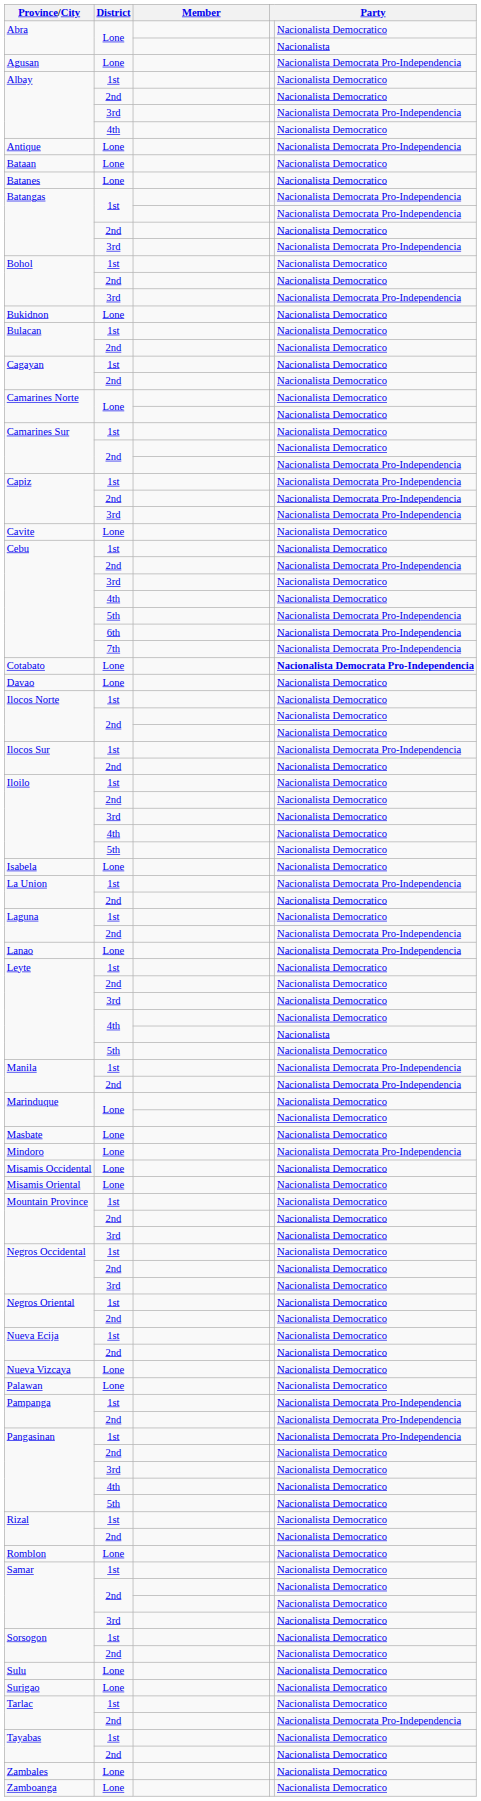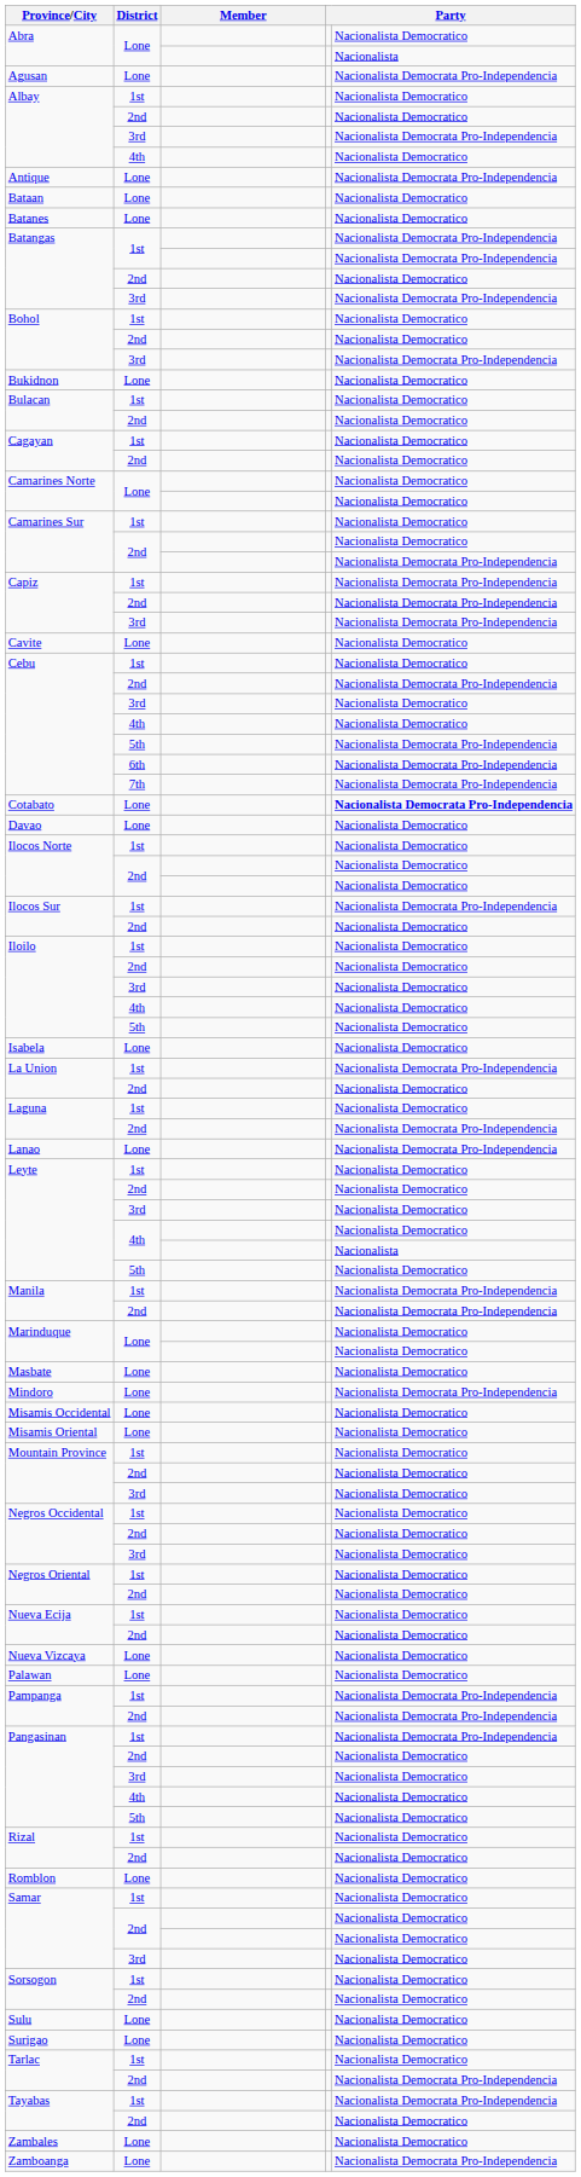 <table class="wikitable sortable">
 <tr>
 <th><a href='#'>Province</a>/<a href='#'>City</a></th>
 <th><a href='#'>District</a></th>
 <th width="200px"><a href='#'>Member</a></th>
 <th colspan="2"><a href='#'>Party</a></th>
 </tr>
 <tr>
 <td rowspan="2" valign="top"><a href='#'>Abra</a></td>
 <td rowspan="2" align="center"><a href='#'>Lone</a></td>
 <td></td>
 <td></td>
 <td><a href='#'>Nacionalista Democratico</a></td>
 </tr>
 <tr>
 <td></td>
 <td></td>
 <td><a href='#'>Nacionalista</a></td>
 </tr>
 <tr>
 <td valign="top"><a href='#'>Agusan</a></td>
 <td align="center"><a href='#'>Lone</a></td>
 <td></td>
 <td></td>
 <td><a href='#'>Nacionalista Democrata Pro-Independencia</a></td>
 </tr>
 <tr>
 <td rowspan="4" valign="top"><a href='#'>Albay</a></td>
 <td align="center"><a href='#'>1st</a></td>
 <td></td>
 <td></td>
 <td><a href='#'>Nacionalista Democratico</a></td>
 </tr>
 <tr>
 <td align="center"><a href='#'>2nd</a></td>
 <td></td>
 <td></td>
 <td><a href='#'>Nacionalista Democratico</a></td>
 </tr>
 <tr>
 <td align="center"><a href='#'>3rd</a></td>
 <td></td>
 <td></td>
 <td><a href='#'>Nacionalista Democrata Pro-Independencia</a></td>
 </tr>
 <tr>
 <td align="center"><a href='#'>4th</a></td>
 <td></td>
 <td></td>
 <td><a href='#'>Nacionalista Democratico</a></td>
 </tr>
 <tr>
 <td><a href='#'>Antique</a></td>
 <td align="center"><a href='#'>Lone</a></td>
 <td></td>
 <td></td>
 <td><a href='#'>Nacionalista Democrata Pro-Independencia</a></td>
 </tr>
 <tr>
 <td valign="top"><a href='#'>Bataan</a></td>
 <td align="center"><a href='#'>Lone</a></td>
 <td></td>
 <td></td>
 <td><a href='#'>Nacionalista Democratico</a></td>
 </tr>
 <tr>
 <td valign="top"><a href='#'>Batanes</a></td>
 <td align="center"><a href='#'>Lone</a></td>
 <td></td>
 <td></td>
 <td><a href='#'>Nacionalista Democratico</a></td>
 </tr>
 <tr>
 <td rowspan="4" valign="top"><a href='#'>Batangas</a></td>
 <td rowspan="2" align="center"><a href='#'>1st</a></td>
 <td></td>
 <td></td>
 <td><a href='#'>Nacionalista Democrata Pro-Independencia</a></td>
 </tr>
 <tr>
 <td></td>
 <td></td>
 <td><a href='#'>Nacionalista Democrata Pro-Independencia</a></td>
 </tr>
 <tr>
 <td align="center"><a href='#'>2nd</a></td>
 <td></td>
 <td></td>
 <td><a href='#'>Nacionalista Democratico</a></td>
 </tr>
 <tr>
 <td align="center"><a href='#'>3rd</a></td>
 <td></td>
 <td></td>
 <td><a href='#'>Nacionalista Democrata Pro-Independencia</a></td>
 </tr>
 <tr>
 <td rowspan="3" valign="top"><a href='#'>Bohol</a></td>
 <td align="center"><a href='#'>1st</a></td>
 <td></td>
 <td></td>
 <td><a href='#'>Nacionalista Democratico</a></td>
 </tr>
 <tr>
 <td align="center"><a href='#'>2nd</a></td>
 <td></td>
 <td></td>
 <td><a href='#'>Nacionalista Democratico</a></td>
 </tr>
 <tr>
 <td align="center"><a href='#'>3rd</a></td>
 <td></td>
 <td></td>
 <td><a href='#'>Nacionalista Democrata Pro-Independencia</a></td>
 </tr>
 <tr>
 <td valign="top"><a href='#'>Bukidnon</a></td>
 <td align="center"><a href='#'>Lone</a></td>
 <td></td>
 <td></td>
 <td><a href='#'>Nacionalista Democratico</a></td>
 </tr>
 <tr>
 <td rowspan="2" valign="top"><a href='#'>Bulacan</a></td>
 <td align="center"><a href='#'>1st</a></td>
 <td></td>
 <td></td>
 <td><a href='#'>Nacionalista Democratico</a></td>
 </tr>
 <tr>
 <td align="center"><a href='#'>2nd</a></td>
 <td></td>
 <td></td>
 <td><a href='#'>Nacionalista Democratico</a></td>
 </tr>
 <tr>
 <td rowspan="2" valign="top"><a href='#'>Cagayan</a></td>
 <td align="center"><a href='#'>1st</a></td>
 <td></td>
 <td></td>
 <td><a href='#'>Nacionalista Democratico</a></td>
 </tr>
 <tr>
 <td align="center"><a href='#'>2nd</a></td>
 <td></td>
 <td></td>
 <td><a href='#'>Nacionalista Democratico</a></td>
 </tr>
 <tr>
 <td rowspan="2" valign="top"><a href='#'>Camarines Norte</a></td>
 <td rowspan="2" align="center"><a href='#'>Lone</a></td>
 <td></td>
 <td></td>
 <td><a href='#'>Nacionalista Democratico</a></td>
 </tr>
 <tr>
 <td></td>
 <td></td>
 <td><a href='#'>Nacionalista Democratico</a></td>
 </tr>
 <tr>
 <td rowspan="3" valign="top"><a href='#'>Camarines Sur</a></td>
 <td align="center"><a href='#'>1st</a></td>
 <td></td>
 <td></td>
 <td><a href='#'>Nacionalista Democratico</a></td>
 </tr>
 <tr>
 <td rowspan="2" align="center"><a href='#'>2nd</a></td>
 <td></td>
 <td></td>
 <td><a href='#'>Nacionalista Democratico</a></td>
 </tr>
 <tr>
 <td></td>
 <td></td>
 <td><a href='#'>Nacionalista Democrata Pro-Independencia</a></td>
 </tr>
 <tr>
 <td rowspan="3" valign="top"><a href='#'>Capiz</a></td>
 <td align="center"><a href='#'>1st</a></td>
 <td></td>
 <td></td>
 <td><a href='#'>Nacionalista Democrata Pro-Independencia</a></td>
 </tr>
 <tr>
 <td align="center"><a href='#'>2nd</a></td>
 <td></td>
 <td></td>
 <td><a href='#'>Nacionalista Democrata Pro-Independencia</a></td>
 </tr>
 <tr>
 <td align="center"><a href='#'>3rd</a></td>
 <td></td>
 <td></td>
 <td><a href='#'>Nacionalista Democrata Pro-Independencia</a></td>
 </tr>
 <tr>
 <td valign="top"><a href='#'>Cavite</a></td>
 <td align="center"><a href='#'>Lone</a></td>
 <td></td>
 <td></td>
 <td><a href='#'>Nacionalista Democratico</a></td>
 </tr>
 <tr>
 <td rowspan="7" valign="top"><a href='#'>Cebu</a></td>
 <td align="center"><a href='#'>1st</a></td>
 <td></td>
 <td></td>
 <td><a href='#'>Nacionalista Democratico</a></td>
 </tr>
 <tr>
 <td align="center"><a href='#'>2nd</a></td>
 <td></td>
 <td></td>
 <td><a href='#'>Nacionalista Democrata Pro-Independencia</a></td>
 </tr>
 <tr>
 <td align="center"><a href='#'>3rd</a></td>
 <td></td>
 <td></td>
 <td><a href='#'>Nacionalista Democratico</a></td>
 </tr>
 <tr>
 <td align="center"><a href='#'>4th</a></td>
 <td></td>
 <td></td>
 <td><a href='#'>Nacionalista Democratico</a></td>
 </tr>
 <tr>
 <td align="center"><a href='#'>5th</a></td>
 <td></td>
 <td></td>
 <td><a href='#'>Nacionalista Democrata Pro-Independencia</a></td>
 </tr>
 <tr>
 <td align="center"><a href='#'>6th</a></td>
 <td></td>
 <td></td>
 <td><a href='#'>Nacionalista Democrata Pro-Independencia</a></td>
 </tr>
 <tr>
 <td align="center"><a href='#'>7th</a></td>
 <td></td>
 <td></td>
 <td><a href='#'>Nacionalista Democrata Pro-Independencia</a></td>
 </tr>
 <tr>
 <td valign="top"><a href='#'>Cotabato</a></td>
 <td align="center"><a href='#'>Lone</a></td>
 <td></td>
 <td></td>
 <td><strong><a href='#'>Nacionalista Democrata Pro-Independencia</a></strong></td>
 </tr>
 <tr>
 <td valign="top"><a href='#'>Davao</a></td>
 <td align="center"><a href='#'>Lone</a></td>
 <td></td>
 <td></td>
 <td><a href='#'>Nacionalista Democratico</a></td>
 </tr>
 <tr>
 <td rowspan="3" valign="top"><a href='#'>Ilocos Norte</a></td>
 <td align="center"><a href='#'>1st</a></td>
 <td></td>
 <td></td>
 <td><a href='#'>Nacionalista Democratico</a></td>
 </tr>
 <tr>
 <td rowspan="2" align="center"><a href='#'>2nd</a></td>
 <td></td>
 <td></td>
 <td><a href='#'>Nacionalista Democratico</a></td>
 </tr>
 <tr>
 <td></td>
 <td></td>
 <td><a href='#'>Nacionalista Democratico</a></td>
 </tr>
 <tr>
 <td rowspan="2" valign="top"><a href='#'>Ilocos Sur</a></td>
 <td align="center"><a href='#'>1st</a></td>
 <td></td>
 <td></td>
 <td><a href='#'>Nacionalista Democrata Pro-Independencia</a></td>
 </tr>
 <tr>
 <td align="center"><a href='#'>2nd</a></td>
 <td></td>
 <td></td>
 <td><a href='#'>Nacionalista Democratico</a></td>
 </tr>
 <tr>
 <td rowspan="5" valign="top"><a href='#'>Iloilo</a></td>
 <td align="center"><a href='#'>1st</a></td>
 <td></td>
 <td></td>
 <td><a href='#'>Nacionalista Democratico</a></td>
 </tr>
 <tr>
 <td align="center"><a href='#'>2nd</a></td>
 <td></td>
 <td></td>
 <td><a href='#'>Nacionalista Democratico</a></td>
 </tr>
 <tr>
 <td align="center"><a href='#'>3rd</a></td>
 <td></td>
 <td></td>
 <td><a href='#'>Nacionalista Democratico</a></td>
 </tr>
 <tr>
 <td align="center"><a href='#'>4th</a></td>
 <td></td>
 <td></td>
 <td><a href='#'>Nacionalista Democratico</a></td>
 </tr>
 <tr>
 <td align="center"><a href='#'>5th</a></td>
 <td></td>
 <td></td>
 <td><a href='#'>Nacionalista Democratico</a></td>
 </tr>
 <tr>
 <td valign="top"><a href='#'>Isabela</a></td>
 <td align="center"><a href='#'>Lone</a></td>
 <td></td>
 <td></td>
 <td><a href='#'>Nacionalista Democratico</a></td>
 </tr>
 <tr>
 <td rowspan="2" valign="top"><a href='#'>La Union</a></td>
 <td align="center"><a href='#'>1st</a></td>
 <td></td>
 <td></td>
 <td><a href='#'>Nacionalista Democrata Pro-Independencia</a></td>
 </tr>
 <tr>
 <td align="center"><a href='#'>2nd</a></td>
 <td></td>
 <td></td>
 <td><a href='#'>Nacionalista Democratico</a></td>
 </tr>
 <tr>
 <td rowspan="2" valign="top"><a href='#'>Laguna</a></td>
 <td align="center"><a href='#'>1st</a></td>
 <td></td>
 <td></td>
 <td><a href='#'>Nacionalista Democratico</a></td>
 </tr>
 <tr>
 <td align="center"><a href='#'>2nd</a></td>
 <td></td>
 <td></td>
 <td><a href='#'>Nacionalista Democrata Pro-Independencia</a></td>
 </tr>
 <tr>
 <td valign="top"><a href='#'>Lanao</a></td>
 <td align="center"><a href='#'>Lone</a></td>
 <td></td>
 <td></td>
 <td><a href='#'>Nacionalista Democrata Pro-Independencia</a></td>
 </tr>
 <tr>
 <td rowspan="6" valign="top"><a href='#'>Leyte</a></td>
 <td align="center"><a href='#'>1st</a></td>
 <td></td>
 <td></td>
 <td><a href='#'>Nacionalista Democratico</a></td>
 </tr>
 <tr>
 <td align="center"><a href='#'>2nd</a></td>
 <td></td>
 <td></td>
 <td><a href='#'>Nacionalista Democratico</a></td>
 </tr>
 <tr>
 <td align="center"><a href='#'>3rd</a></td>
 <td></td>
 <td></td>
 <td><a href='#'>Nacionalista Democratico</a></td>
 </tr>
 <tr>
 <td rowspan="2" align="center"><a href='#'>4th</a></td>
 <td></td>
 <td></td>
 <td><a href='#'>Nacionalista Democratico</a></td>
 </tr>
 <tr>
 <td></td>
 <td></td>
 <td><a href='#'>Nacionalista</a></td>
 </tr>
 <tr>
 <td align="center"><a href='#'>5th</a></td>
 <td></td>
 <td></td>
 <td><a href='#'>Nacionalista Democratico</a></td>
 </tr>
 <tr>
 <td rowspan="2" valign="top"><a href='#'>Manila</a></td>
 <td align="center"><a href='#'>1st</a></td>
 <td></td>
 <td></td>
 <td><a href='#'>Nacionalista Democrata Pro-Independencia</a></td>
 </tr>
 <tr>
 <td align="center"><a href='#'>2nd</a></td>
 <td></td>
 <td></td>
 <td><a href='#'>Nacionalista Democrata Pro-Independencia</a></td>
 </tr>
 <tr>
 <td rowspan="2" valign="top"><a href='#'>Marinduque</a></td>
 <td rowspan="2" align="center"><a href='#'>Lone</a></td>
 <td></td>
 <td></td>
 <td><a href='#'>Nacionalista Democratico</a></td>
 </tr>
 <tr>
 <td></td>
 <td></td>
 <td><a href='#'>Nacionalista Democratico</a></td>
 </tr>
 <tr>
 <td valign="top"><a href='#'>Masbate</a></td>
 <td align="center"><a href='#'>Lone</a></td>
 <td></td>
 <td></td>
 <td><a href='#'>Nacionalista Democratico</a></td>
 </tr>
 <tr>
 <td valign="top"><a href='#'>Mindoro</a></td>
 <td align="center"><a href='#'>Lone</a></td>
 <td></td>
 <td></td>
 <td><a href='#'>Nacionalista Democrata Pro-Independencia</a></td>
 </tr>
 <tr>
 <td valign="top"><a href='#'>Misamis Occidental</a></td>
 <td align="center"><a href='#'>Lone</a></td>
 <td></td>
 <td></td>
 <td><a href='#'>Nacionalista Democratico</a></td>
 </tr>
 <tr>
 <td valign="top"><a href='#'>Misamis Oriental</a></td>
 <td align="center"><a href='#'>Lone</a></td>
 <td></td>
 <td></td>
 <td><a href='#'>Nacionalista Democratico</a></td>
 </tr>
 <tr>
 <td rowspan="3" valign="top"><a href='#'>Mountain Province</a></td>
 <td align="center"><a href='#'>1st</a></td>
 <td></td>
 <td></td>
 <td><a href='#'>Nacionalista Democratico</a></td>
 </tr>
 <tr>
 <td align="center"><a href='#'>2nd</a></td>
 <td></td>
 <td></td>
 <td><a href='#'>Nacionalista Democratico</a></td>
 </tr>
 <tr>
 <td align="center"><a href='#'>3rd</a></td>
 <td></td>
 <td></td>
 <td><a href='#'>Nacionalista Democratico</a></td>
 </tr>
 <tr>
 <td rowspan="3" valign="top"><a href='#'>Negros Occidental</a></td>
 <td align="center"><a href='#'>1st</a></td>
 <td></td>
 <td></td>
 <td><a href='#'>Nacionalista Democratico</a></td>
 </tr>
 <tr>
 <td align="center"><a href='#'>2nd</a></td>
 <td></td>
 <td></td>
 <td><a href='#'>Nacionalista Democratico</a></td>
 </tr>
 <tr>
 <td align="center"><a href='#'>3rd</a></td>
 <td></td>
 <td></td>
 <td><a href='#'>Nacionalista Democratico</a></td>
 </tr>
 <tr>
 <td rowspan="2" valign="top"><a href='#'>Negros Oriental</a></td>
 <td align="center"><a href='#'>1st</a></td>
 <td></td>
 <td></td>
 <td><a href='#'>Nacionalista Democratico</a></td>
 </tr>
 <tr>
 <td align="center"><a href='#'>2nd</a></td>
 <td></td>
 <td></td>
 <td><a href='#'>Nacionalista Democratico</a></td>
 </tr>
 <tr>
 <td rowspan="2" valign="top"><a href='#'>Nueva Ecija</a></td>
 <td align="center"><a href='#'>1st</a></td>
 <td></td>
 <td></td>
 <td><a href='#'>Nacionalista Democratico</a></td>
 </tr>
 <tr>
 <td align="center"><a href='#'>2nd</a></td>
 <td></td>
 <td></td>
 <td><a href='#'>Nacionalista Democratico</a></td>
 </tr>
 <tr>
 <td valign="top"><a href='#'>Nueva Vizcaya</a></td>
 <td align="center"><a href='#'>Lone</a></td>
 <td></td>
 <td></td>
 <td><a href='#'>Nacionalista Democratico</a></td>
 </tr>
 <tr>
 <td valign="top"><a href='#'>Palawan</a></td>
 <td align="center"><a href='#'>Lone</a></td>
 <td></td>
 <td></td>
 <td><a href='#'>Nacionalista Democratico</a></td>
 </tr>
 <tr>
 <td rowspan="2" valign="top"><a href='#'>Pampanga</a></td>
 <td align="center"><a href='#'>1st</a></td>
 <td></td>
 <td></td>
 <td><a href='#'>Nacionalista Democrata Pro-Independencia</a></td>
 </tr>
 <tr>
 <td align="center"><a href='#'>2nd</a></td>
 <td></td>
 <td></td>
 <td><a href='#'>Nacionalista Democrata Pro-Independencia</a></td>
 </tr>
 <tr>
 <td rowspan="5" valign="top"><a href='#'>Pangasinan</a></td>
 <td align="center"><a href='#'>1st</a></td>
 <td></td>
 <td></td>
 <td><a href='#'>Nacionalista Democrata Pro-Independencia</a></td>
 </tr>
 <tr>
 <td align="center"><a href='#'>2nd</a></td>
 <td></td>
 <td></td>
 <td><a href='#'>Nacionalista Democratico</a></td>
 </tr>
 <tr>
 <td align="center"><a href='#'>3rd</a></td>
 <td></td>
 <td></td>
 <td><a href='#'>Nacionalista Democratico</a></td>
 </tr>
 <tr>
 <td align="center"><a href='#'>4th</a></td>
 <td></td>
 <td></td>
 <td><a href='#'>Nacionalista Democratico</a></td>
 </tr>
 <tr>
 <td align="center"><a href='#'>5th</a></td>
 <td></td>
 <td></td>
 <td><a href='#'>Nacionalista Democratico</a></td>
 </tr>
 <tr>
 <td rowspan="2" valign="top"><a href='#'>Rizal</a></td>
 <td align="center"><a href='#'>1st</a></td>
 <td></td>
 <td></td>
 <td><a href='#'>Nacionalista Democratico</a></td>
 </tr>
 <tr>
 <td align="center"><a href='#'>2nd</a></td>
 <td></td>
 <td></td>
 <td><a href='#'>Nacionalista Democratico</a></td>
 </tr>
 <tr>
 <td valign="top"><a href='#'>Romblon</a></td>
 <td align="center"><a href='#'>Lone</a></td>
 <td></td>
 <td></td>
 <td><a href='#'>Nacionalista Democratico</a></td>
 </tr>
 <tr>
 <td rowspan="4" valign="top"><a href='#'>Samar</a></td>
 <td align="center"><a href='#'>1st</a></td>
 <td></td>
 <td></td>
 <td><a href='#'>Nacionalista Democratico</a></td>
 </tr>
 <tr>
 <td rowspan="2" align="center"><a href='#'>2nd</a></td>
 <td></td>
 <td></td>
 <td><a href='#'>Nacionalista Democratico</a></td>
 </tr>
 <tr>
 <td></td>
 <td></td>
 <td><a href='#'>Nacionalista Democratico</a></td>
 </tr>
 <tr>
 <td align="center"><a href='#'>3rd</a></td>
 <td></td>
 <td></td>
 <td><a href='#'>Nacionalista Democratico</a></td>
 </tr>
 <tr>
 <td rowspan="2" valign="top"><a href='#'>Sorsogon</a></td>
 <td align="center"><a href='#'>1st</a></td>
 <td></td>
 <td></td>
 <td><a href='#'>Nacionalista Democratico</a></td>
 </tr>
 <tr>
 <td align="center"><a href='#'>2nd</a></td>
 <td></td>
 <td></td>
 <td><a href='#'>Nacionalista Democratico</a></td>
 </tr>
 <tr>
 <td valign="top"><a href='#'>Sulu</a></td>
 <td align="center"><a href='#'>Lone</a></td>
 <td></td>
 <td></td>
 <td><a href='#'>Nacionalista Democratico</a></td>
 </tr>
 <tr>
 <td valign="top"><a href='#'>Surigao</a></td>
 <td align="center"><a href='#'>Lone</a></td>
 <td></td>
 <td></td>
 <td><a href='#'>Nacionalista Democratico</a></td>
 </tr>
 <tr>
 <td rowspan="2" valign="top"><a href='#'>Tarlac</a></td>
 <td align="center"><a href='#'>1st</a></td>
 <td></td>
 <td></td>
 <td><a href='#'>Nacionalista Democratico</a></td>
 </tr>
 <tr>
 <td align="center"><a href='#'>2nd</a></td>
 <td></td>
 <td></td>
 <td><a href='#'>Nacionalista Democrata Pro-Independencia</a></td>
 </tr>
 <tr>
 <td rowspan="2" valign="top"><a href='#'>Tayabas</a></td>
 <td align="center"><a href='#'>1st</a></td>
 <td></td>
 <td></td>
-<td><a href='#'>Nacionalista Democratico</a></td>
+<td><a href='#'>Nacionalista Democrata Pro-Independencia</a></td>
 </tr>
 <tr>
 <td align="center"><a href='#'>2nd</a></td>
 <td></td>
 <td></td>
 <td><a href='#'>Nacionalista Democratico</a></td>
 </tr>
 <tr>
 <td valign="top"><a href='#'>Zambales</a></td>
 <td align="center"><a href='#'>Lone</a></td>
 <td></td>
 <td></td>
 <td><a href='#'>Nacionalista Democratico</a></td>
 </tr>
 <tr>
 <td valign="top"><a href='#'>Zamboanga</a></td>
 <td align="center"><a href='#'>Lone</a></td>
 <td></td>
 <td></td>
-<td><a href='#'>Nacionalista Democratico</a></td>
+<td><a href='#'>Nacionalista Democrata Pro-Independencia</a></td>
 </tr>
 </table>
